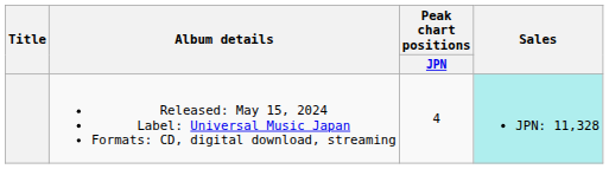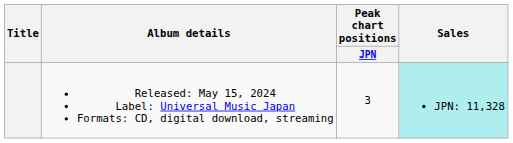 <table class="wikitable plainrowheaders" style="text-align:center;">
 <tr>
 <th scope="col" rowspan="2">Title</th>
 <th scope="col" rowspan="2">Album details</th>
 <th scope="col" colspan="1">Peak chart positions</th>
 <th scope="col" rowspan="2">Sales</th>
 </tr>
 <tr>
 <th scope="col" style="width:2.5em;font-size:90%;"><a href='#'>JPN</a><br></th>
 </tr>
 <tr>
 <th scope="row"></th>
 <td><br><ul><li>Released: May 15, 2024</li><li>Label: <a href='#'>Universal Music Japan</a></li><li>Formats: CD, digital download, streaming</li></ul></td>
-<td>4</td>
+<td>3</td>
 <td style="background: paleturquoise;"><br><ul><li>JPN: 11,328</li></ul></td>
 </tr>
 </table>
